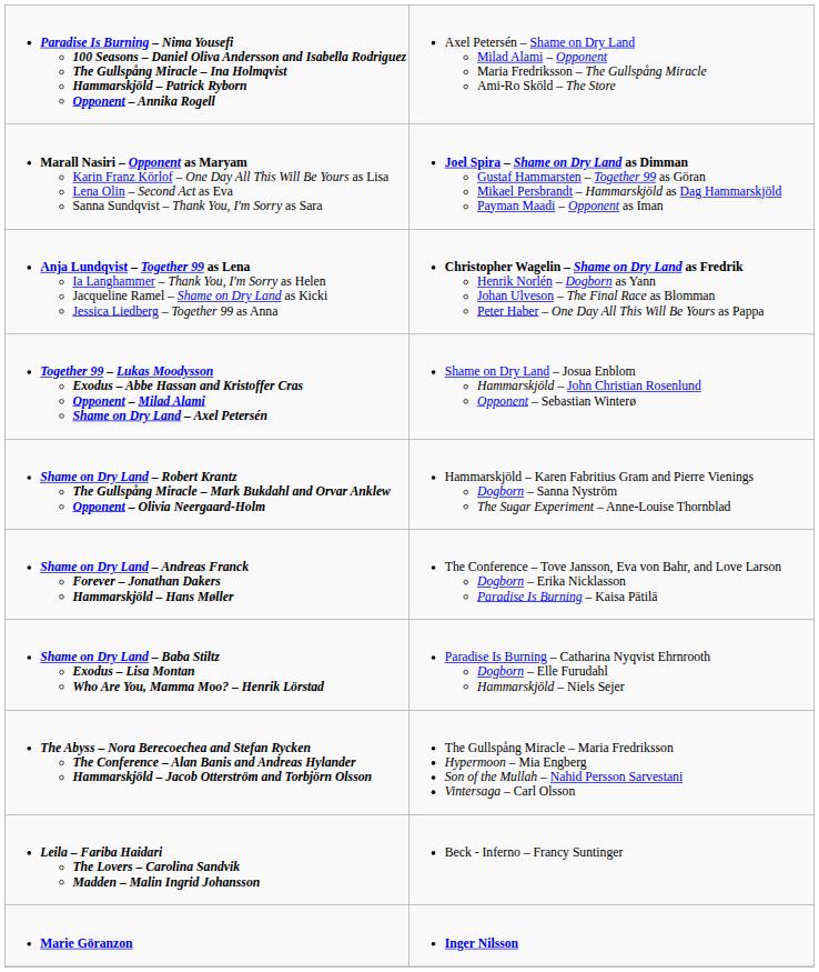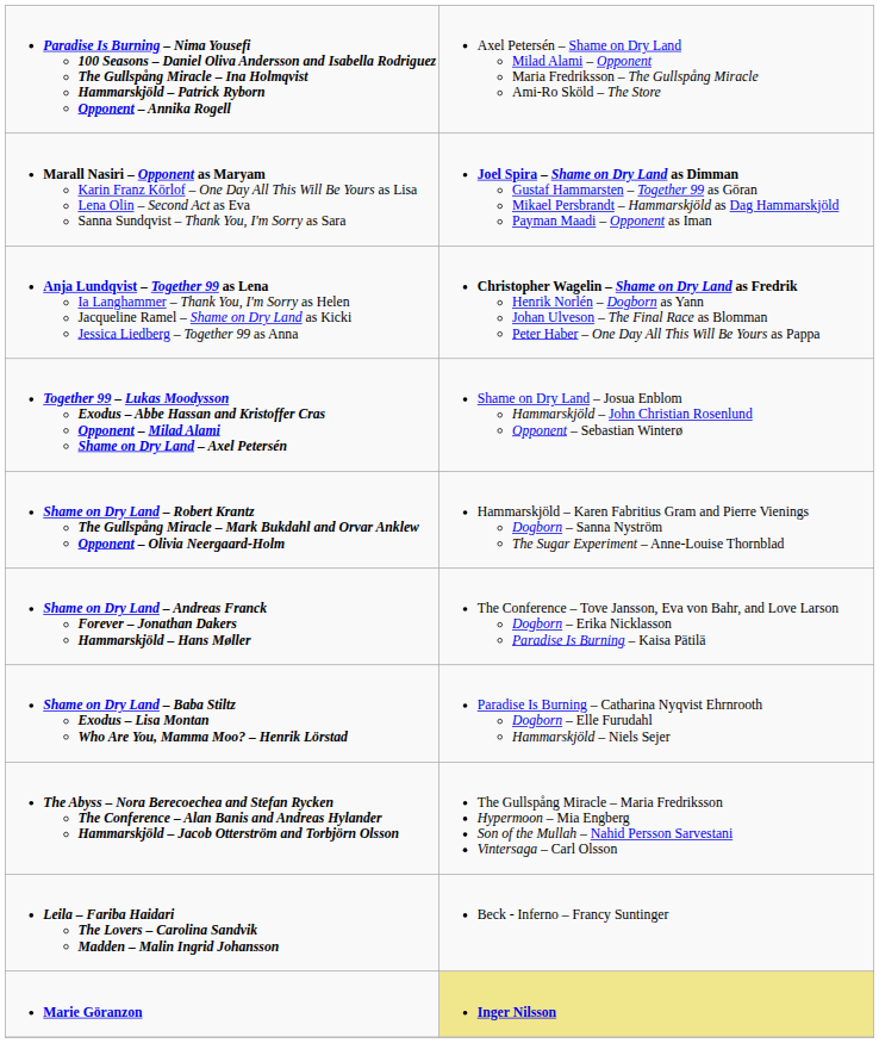 <table class="wikitable">
 <tr>
 <td style="width:50%" valign="top"><br><ul><li><strong><em><a href='#'>Paradise Is Burning</a><em> – Nima Yousefi<strong><ul><li></em>100 Seasons<em> – Daniel Oliva Andersson and Isabella Rodriguez</li><li></em>The Gullspång Miracle<em> – Ina Holmqvist</li><li></em>Hammarskjöld<em> – Patrick Ryborn</li><li></em><a href='#'>Opponent</a><em> – Annika Rogell</li></ul></li></ul></td>
 <td style="width:50%" valign="top"><br><ul><li></strong>Axel Petersén – </em><a href='#'>Shame on Dry Land</a></em></strong><ul><li><a href='#'>Milad Alami</a> – <em><a href='#'>Opponent</a></em></li><li>Maria Fredriksson – <em>The Gullspång Miracle</em></li><li>Ami-Ro Sköld – <em>The Store</em></li></ul></li></ul></td>
 </tr>
 <tr>
 <td style="width:50%" valign="top"><br><ul><li><strong>Marall Nasiri – <em><a href='#'>Opponent</a></em> as Maryam</strong><ul><li><a href='#'>Karin Franz Körlof</a> – <em>One Day All This Will Be Yours</em> as Lisa</li><li><a href='#'>Lena Olin</a> – <em>Second Act</em> as Eva</li><li>Sanna Sundqvist – <em>Thank You, I'm Sorry</em> as Sara</li></ul></li></ul></td>
 <td style="width:50%" valign="top"><br><ul><li><strong><a href='#'>Joel Spira</a> – <em><a href='#'>Shame on Dry Land</a></em> as Dimman</strong><ul><li><a href='#'>Gustaf Hammarsten</a> – <em><a href='#'>Together 99</a></em> as Göran</li><li><a href='#'>Mikael Persbrandt</a> – <em>Hammarskjöld</em> as <a href='#'>Dag Hammarskjöld</a></li><li><a href='#'>Payman Maadi</a> – <em><a href='#'>Opponent</a></em> as Iman</li></ul></li></ul></td>
 </tr>
 <tr>
 <td style="width:50%" valign="top"><br><ul><li><strong><a href='#'>Anja Lundqvist</a> – <em><a href='#'>Together 99</a></em> as Lena</strong><ul><li><a href='#'>Ia Langhammer</a> – <em>Thank You, I'm Sorry</em> as Helen</li><li>Jacqueline Ramel – <em><a href='#'>Shame on Dry Land</a></em> as Kicki</li><li><a href='#'>Jessica Liedberg</a> – <em>Together 99</em> as Anna</li></ul></li></ul></td>
 <td style="width:50%" valign="top"><br><ul><li><strong>Christopher Wagelin – <em><a href='#'>Shame on Dry Land</a></em> as Fredrik</strong><ul><li><a href='#'>Henrik Norlén</a> – <em><a href='#'>Dogborn</a></em> as Yann</li><li><a href='#'>Johan Ulveson</a> – <em>The Final Race</em> as Blomman</li><li><a href='#'>Peter Haber</a> – <em>One Day All This Will Be Yours</em> as Pappa</li></ul></li></ul></td>
 </tr>
 <tr>
 <td style="width:50%" valign="top"><br><ul><li><strong><em><a href='#'>Together 99</a><em> – <a href='#'>Lukas Moodysson</a><strong><ul><li></em>Exodus<em> – Abbe Hassan and Kristoffer Cras</li><li></em><a href='#'>Opponent</a><em> – <a href='#'>Milad Alami</a></li><li></em><a href='#'>Shame on Dry Land</a><em> – Axel Petersén</li></ul></li></ul></td>
 <td style="width:50%" valign="top"><br><ul><li></em></strong><a href='#'>Shame on Dry Land</a></em> – Josua Enblom</strong><ul><li><em>Hammarskjöld</em> – <a href='#'>John Christian Rosenlund</a></li><li><em><a href='#'>Opponent</a></em> – Sebastian Winterø</li></ul></li></ul></td>
 </tr>
 <tr>
 <td style="width:50%" valign="top"><br><ul><li><strong><em><a href='#'>Shame on Dry Land</a><em> – Robert Krantz<strong><ul><li></em>The Gullspång Miracle<em> – Mark Bukdahl and Orvar Anklew</li><li></em><a href='#'>Opponent</a><em> – Olivia Neergaard-Holm</li></ul></li></ul></td>
 <td style="width:50%" valign="top"><br><ul><li></em></strong>Hammarskjöld</em> – Karen Fabritius Gram and Pierre Vienings</strong><ul><li><em><a href='#'>Dogborn</a></em> – Sanna Nyström</li><li><em>The Sugar Experiment</em> – Anne-Louise Thornblad</li></ul></li></ul></td>
 </tr>
 <tr>
 <td style="width:50%" valign="top"><br><ul><li><strong><em><a href='#'>Shame on Dry Land</a><em> – Andreas Franck<strong><ul><li></em>Forever<em> – Jonathan Dakers</li><li></em>Hammarskjöld<em> – Hans Møller</li></ul></li></ul></td>
 <td style="width:50%" valign="top"><br><ul><li></em></strong>The Conference</em> – Tove Jansson, Eva von Bahr, and Love Larson</strong><ul><li><em><a href='#'>Dogborn</a></em> – Erika Nicklasson</li><li><em><a href='#'>Paradise Is Burning</a></em> – Kaisa Pätilä</li></ul></li></ul></td>
 </tr>
 <tr>
 <td style="width:50%" valign="top"><br><ul><li><strong><em><a href='#'>Shame on Dry Land</a><em> – Baba Stiltz<strong><ul><li></em>Exodus<em> – Lisa Montan</li><li></em>Who Are You, Mamma Moo?<em> – Henrik Lörstad</li></ul></li></ul></td>
 <td style="width:50%" valign="top"><br><ul><li></em></strong><a href='#'>Paradise Is Burning</a></em> – Catharina Nyqvist Ehrnrooth</strong><ul><li><em><a href='#'>Dogborn</a></em> – Elle Furudahl</li><li><em>Hammarskjöld</em> – Niels Sejer</li></ul></li></ul></td>
 </tr>
 <tr>
 <td style="width:50%" valign="top"><br><ul><li><strong><em>The Abyss<em> – Nora Berecoechea and Stefan Rycken<strong><ul><li></em>The Conference<em> – Alan Banis and Andreas Hylander</li><li></em>Hammarskjöld<em> – Jacob Otterström and Torbjörn Olsson</li></ul></li></ul></td>
 <td style="width:50%" valign="top"><br><ul><li></em></strong>The Gullspång Miracle</em> – Maria Fredriksson</strong></li><li><em>Hypermoon</em> – Mia Engberg</li><li><em>Son of the Mullah</em> – <a href='#'>Nahid Persson Sarvestani</a></li><li><em>Vintersaga</em> – Carl Olsson</li></ul></td>
 </tr>
 <tr>
 <td style="width:50%" valign="top"><br><ul><li><strong><em>Leila<em> – Fariba Haidari<strong><ul><li></em>The Lovers<em> – Carolina Sandvik</li><li></em>Madden<em> – Malin Ingrid Johansson</li></ul></li></ul></td>
 <td style="width:50%" valign="top"><br><ul><li></em></strong>Beck - Inferno</em> – Francy Suntinger</strong></li></ul></td>
 </tr>
 <tr>
 <td style="width:50%" valign="top"><br><ul><li><strong><a href='#'>Marie Göranzon</a></strong></li></ul></td>
-<td style="width:50%" valign="top"><br><ul><li><strong><a href='#'>Inger Nilsson</a></strong></li></ul></td>
+<td style="background: khaki; width:50%" valign="top"><br><ul><li><strong><a href='#'>Inger Nilsson</a></strong></li></ul></td>
 </tr>
 <tr>
 </tr>
 </table>
